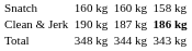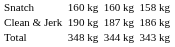 <table>
 <tr>
 <td>Snatch</td>
 <td></td>
 <td>160 kg</td>
 <td></td>
 <td>160 kg</td>
 <td></td>
 <td>158 kg</td>
 </tr>
 <tr>
 <td>Clean & Jerk</td>
 <td></td>
 <td>190 kg</td>
 <td></td>
 <td>187 kg</td>
 <td></td>
-<td><strong>186 kg</strong></td>
+<td>186 kg</td>
 </tr>
 <tr>
 <td>Total</td>
 <td></td>
 <td>348 kg</td>
 <td></td>
 <td>344 kg</td>
 <td></td>
 <td>343 kg</td>
 </tr>
 </table>
